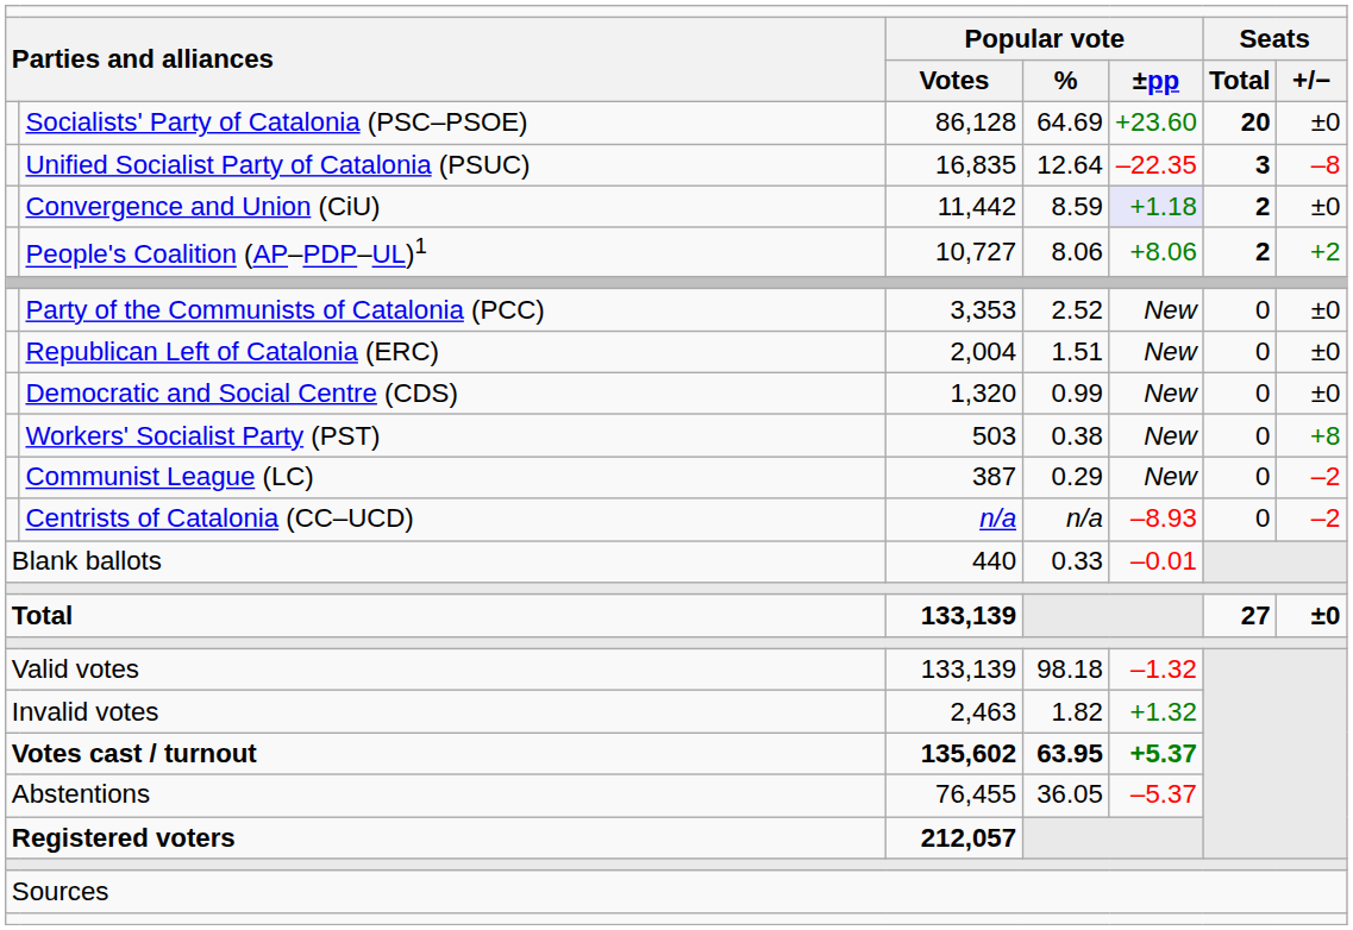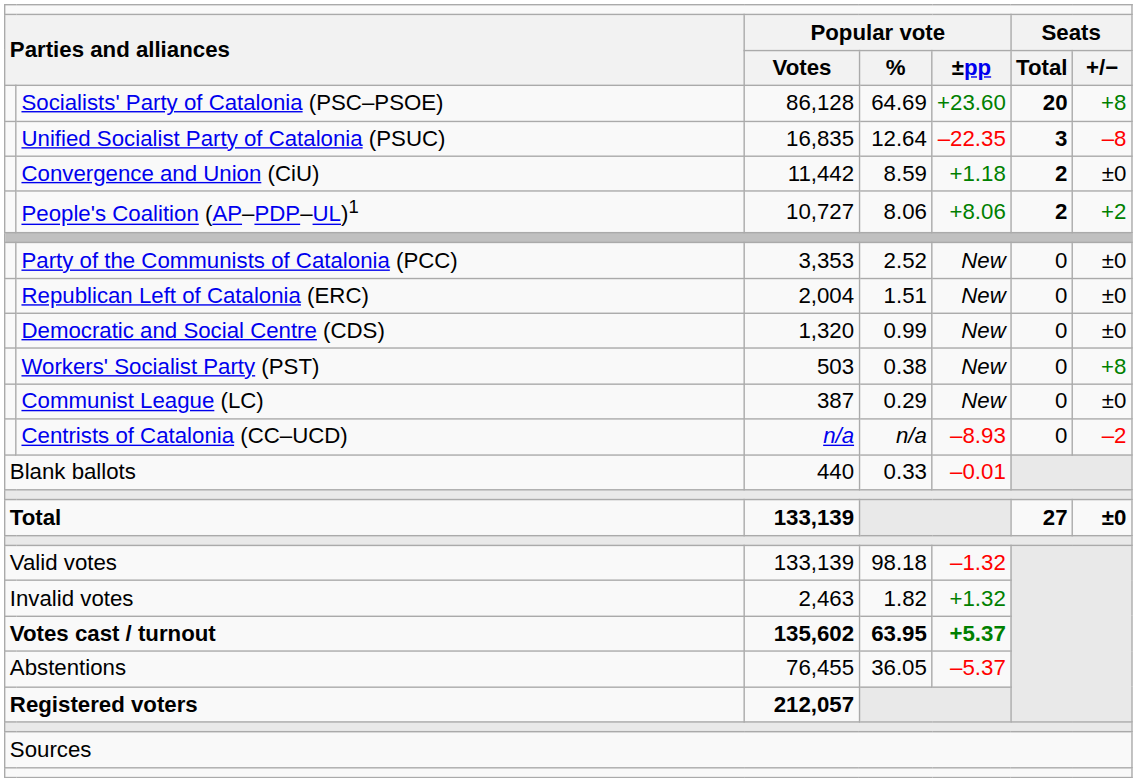 <table class="wikitable" style="text-align:right;">
 <tr>
 <td colspan="7"></td>
 </tr>
 <tr>
 <th style="text-align:left;" rowspan="2" colspan="2" width="525">Parties and alliances</th>
 <th colspan="3">Popular vote</th>
 <th colspan="2">Seats</th>
 </tr>
 <tr>
 <th width="75">Votes</th>
 <th width="45">%</th>
 <th width="45">±<a href='#'>pp</a></th>
 <th width="35">Total</th>
 <th width="35">+/−</th>
 </tr>
 <tr>
 <td width="1" style="color:inherit;background:"></td>
 <td align="left"><a href='#'>Socialists' Party of Catalonia</a> (PSC–PSOE)</td>
 <td>86,128</td>
 <td>64.69</td>
 <td style="color:green;">+23.60</td>
 <td><strong>20</strong></td>
-<td>±0</td>
+<td style="color:green;">+8</td>
 </tr>
 <tr>
 <td style="color:inherit;background:"></td>
 <td align="left"><a href='#'>Unified Socialist Party of Catalonia</a> (PSUC)</td>
 <td>16,835</td>
 <td>12.64</td>
 <td style="color:red;">–22.35</td>
 <td><strong>3</strong></td>
 <td style="color:red;">–8</td>
 </tr>
 <tr>
 <td style="color:inherit;background:"></td>
 <td align="left"><a href='#'>Convergence and Union</a> (CiU)</td>
 <td>11,442</td>
 <td>8.59</td>
-<td style="background: lavender; color:green;">+1.18</td>
+<td style="color:green;">+1.18</td>
 <td><strong>2</strong></td>
 <td>±0</td>
 </tr>
 <tr>
 <td style="color:inherit;background:"></td>
 <td align="left"><a href='#'>People's Coalition</a> (<a href='#'>AP</a>–<a href='#'>PDP</a>–<a href='#'>UL</a>)<sup>1</sup></td>
 <td>10,727</td>
 <td>8.06</td>
 <td style="color:green;">+8.06</td>
 <td><strong>2</strong></td>
 <td style="color:green;">+2</td>
 </tr>
 <tr>
 <td colspan="7" style="color:inherit;background:#C0C0C0"></td>
 </tr>
 <tr>
 <td style="color:inherit;background:"></td>
 <td align="left"><a href='#'>Party of the Communists of Catalonia</a> (PCC)</td>
 <td>3,353</td>
 <td>2.52</td>
 <td><em>New</em></td>
 <td>0</td>
 <td>±0</td>
 </tr>
 <tr>
 <td style="color:inherit;background:"></td>
 <td align="left"><a href='#'>Republican Left of Catalonia</a> (ERC)</td>
 <td>2,004</td>
 <td>1.51</td>
 <td><em>New</em></td>
 <td>0</td>
 <td>±0</td>
 </tr>
 <tr>
 <td style="color:inherit;background:"></td>
 <td align="left"><a href='#'>Democratic and Social Centre</a> (CDS)</td>
 <td>1,320</td>
 <td>0.99</td>
 <td><em>New</em></td>
 <td>0</td>
 <td>±0</td>
 </tr>
 <tr>
 <td style="color:inherit;background:"></td>
 <td align="left"><a href='#'>Workers' Socialist Party</a> (PST)</td>
 <td>503</td>
 <td>0.38</td>
 <td><em>New</em></td>
 <td>0</td>
 <td style="color:green;">+8</td>
 </tr>
 <tr>
 <td style="color:inherit;background:"></td>
 <td align="left"><a href='#'>Communist League</a> (LC)</td>
 <td>387</td>
 <td>0.29</td>
 <td><em>New</em></td>
 <td>0</td>
-<td style="color:red;">–2</td>
+<td>±0</td>
 </tr>
 <tr>
 <td style="color:inherit;background:"></td>
 <td align="left"><a href='#'>Centrists of Catalonia</a> (CC–UCD)</td>
 <td><em><a href='#'>n/a</a></em></td>
 <td><em>n/a</em></td>
 <td style="color:red;">–8.93</td>
 <td>0</td>
 <td style="color:red;">–2</td>
 </tr>
 <tr>
 <td align="left" colspan="2">Blank ballots</td>
 <td>440</td>
 <td>0.33</td>
 <td style="color:red;">–0.01</td>
 <td style="color:inherit;background:#E9E9E9" colspan="2"></td>
 </tr>
 <tr>
 <td colspan="7" style="color:inherit;background:#E9E9E9"></td>
 </tr>
 <tr style="font-weight:bold;">
 <td align="left" colspan="2">Total</td>
 <td>133,139</td>
 <td bgcolor="#E9E9E9" colspan="2"></td>
 <td>27</td>
 <td>±0</td>
 </tr>
 <tr>
 <td colspan="7" style="color:inherit;background:#E9E9E9"></td>
 </tr>
 <tr>
 <td align="left" colspan="2">Valid votes</td>
 <td>133,139</td>
 <td>98.18</td>
 <td style="color:red;">–1.32</td>
 <td bgcolor="#E9E9E9" colspan="2" rowspan="5"></td>
 </tr>
 <tr>
 <td align="left" colspan="2">Invalid votes</td>
 <td>2,463</td>
 <td>1.82</td>
 <td style="color:green;">+1.32</td>
 </tr>
 <tr style="font-weight:bold;">
 <td align="left" colspan="2">Votes cast / turnout</td>
 <td>135,602</td>
 <td>63.95</td>
 <td style="color:green;">+5.37</td>
 </tr>
 <tr>
 <td align="left" colspan="2">Abstentions</td>
 <td>76,455</td>
 <td>36.05</td>
 <td style="color:red;">–5.37</td>
 </tr>
 <tr style="font-weight:bold;">
 <td align="left" colspan="2">Registered voters</td>
 <td>212,057</td>
 <td bgcolor="#E9E9E9" colspan="2"></td>
 </tr>
 <tr>
 <td colspan="7" style="color:inherit;background:#E9E9E9"></td>
 </tr>
 <tr>
 <td align="left" colspan="7">Sources</td>
 </tr>
 <tr>
 <td colspan="7" style="text-align:left; max-width:790px;"></td>
 </tr>
 </table>
